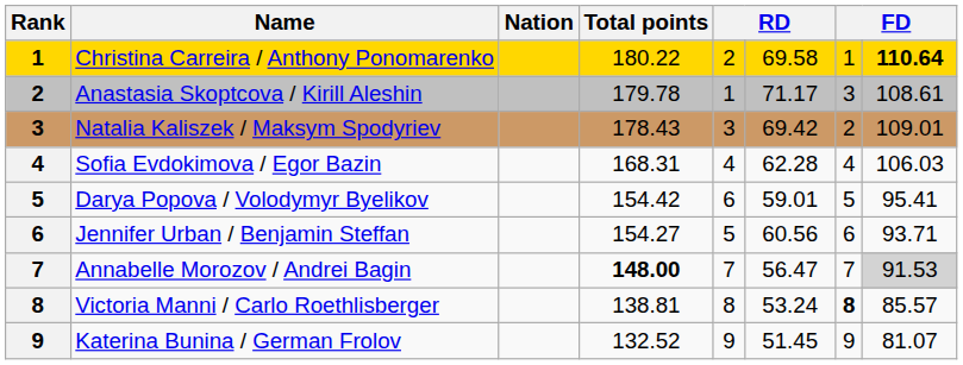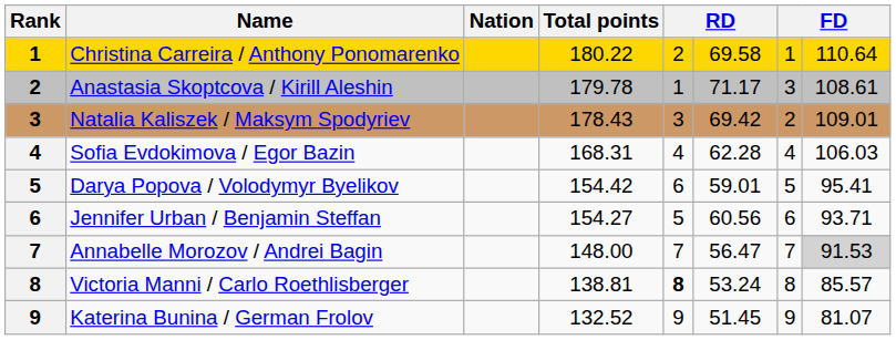 <table class="wikitable sortable">
 <tr>
 <th>Rank</th>
 <th>Name</th>
 <th>Nation</th>
 <th>Total points</th>
 <th colspan="2" width="80px"><a href='#'>RD</a></th>
 <th colspan="2" width="80px"><a href='#'>FD</a></th>
 </tr>
 <tr bgcolor="gold">
 <td align="center"><strong>1</strong></td>
 <td><a href='#'>Christina Carreira</a> / <a href='#'>Anthony Ponomarenko</a></td>
 <td></td>
 <td align="center">180.22</td>
 <td align="center">2</td>
 <td align="center">69.58</td>
 <td align="center">1</td>
-<td align="center"><strong>110.64</strong></td>
+<td align="center">110.64</td>
 </tr>
 <tr bgcolor="silver">
 <td align="center"><strong>2</strong></td>
 <td><a href='#'>Anastasia Skoptcova</a> / <a href='#'>Kirill Aleshin</a></td>
 <td></td>
 <td align="center">179.78</td>
 <td align="center">1</td>
 <td align="center">71.17</td>
 <td align="center">3</td>
 <td align="center">108.61</td>
 </tr>
 <tr bgcolor="cc9966">
 <td align="center"><strong>3</strong></td>
 <td><a href='#'>Natalia Kaliszek</a> / <a href='#'>Maksym Spodyriev</a></td>
 <td></td>
 <td align="center">178.43</td>
 <td align="center">3</td>
 <td align="center">69.42</td>
 <td align="center">2</td>
 <td align="center">109.01</td>
 </tr>
 <tr>
 <th>4</th>
 <td><a href='#'>Sofia Evdokimova</a> / <a href='#'>Egor Bazin</a></td>
 <td></td>
 <td align="center">168.31</td>
 <td align="center">4</td>
 <td align="center">62.28</td>
 <td align="center">4</td>
 <td align="center">106.03</td>
 </tr>
 <tr>
 <th>5</th>
 <td><a href='#'>Darya Popova</a> / <a href='#'>Volodymyr Byelikov</a></td>
 <td></td>
 <td align="center">154.42</td>
 <td align="center">6</td>
 <td align="center">59.01</td>
 <td align="center">5</td>
 <td align="center">95.41</td>
 </tr>
 <tr>
 <th>6</th>
 <td><a href='#'>Jennifer Urban</a> / <a href='#'>Benjamin Steffan</a></td>
 <td></td>
 <td align="center">154.27</td>
 <td align="center">5</td>
 <td align="center">60.56</td>
 <td align="center">6</td>
 <td align="center">93.71</td>
 </tr>
 <tr>
 <th>7</th>
 <td><a href='#'>Annabelle Morozov</a> / <a href='#'>Andrei Bagin</a></td>
 <td></td>
-<td align="center"><strong>148.00</strong></td>
+<td align="center">148.00</td>
 <td align="center">7</td>
 <td align="center">56.47</td>
 <td align="center">7</td>
 <td align="center" style="background: lightgrey;">91.53</td>
 </tr>
 <tr>
 <th>8</th>
 <td><a href='#'>Victoria Manni</a> / <a href='#'>Carlo Roethlisberger</a></td>
 <td></td>
 <td align="center">138.81</td>
+<td align="center"><strong>8</strong></td>
+<td align="center">53.24</td>
 <td align="center">8</td>
-<td align="center">53.24</td>
-<td align="center"><strong>8</strong></td>
 <td align="center">85.57</td>
 </tr>
 <tr>
 <th>9</th>
 <td><a href='#'>Katerina Bunina</a> / <a href='#'>German Frolov</a></td>
 <td></td>
 <td align="center">132.52</td>
 <td align="center">9</td>
 <td align="center">51.45</td>
 <td align="center">9</td>
 <td align="center">81.07</td>
 </tr>
 </table>
